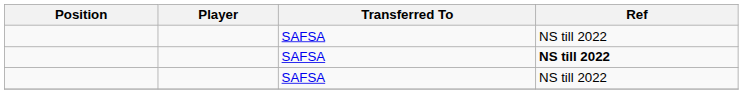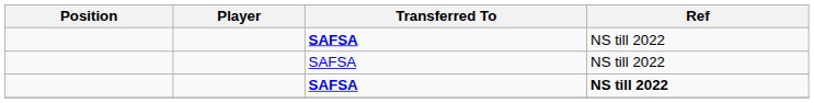 <table class="wikitable sortable" style="width:70%; text-align:center; font-size:100%; text-align:left;">
 <tr>
 <th><strong>Position</strong></th>
 <th><strong>Player</strong></th>
 <th><strong>Transferred To</strong></th>
 <th><strong>Ref</strong></th>
 </tr>
 <tr>
 <td></td>
 <td></td>
-<td> <a href='#'>SAFSA</a></td>
+<td><strong> <a href='#'>SAFSA</a></strong></td>
 <td>NS till 2022</td>
-</tr>
-<tr>
-<td></td>
-<td></td>
-<td> <a href='#'>SAFSA</a></td>
-<td><strong>NS till 2022</strong></td>
 </tr>
 <tr>
 <td></td>
 <td></td>
 <td> <a href='#'>SAFSA</a></td>
 <td>NS till 2022</td>
 </tr>
 <tr>
+<td></td>
+<td></td>
+<td><strong> <a href='#'>SAFSA</a></strong></td>
+<td><strong>NS till 2022</strong></td>
+</tr>
+<tr>
 </tr>
 </table>
